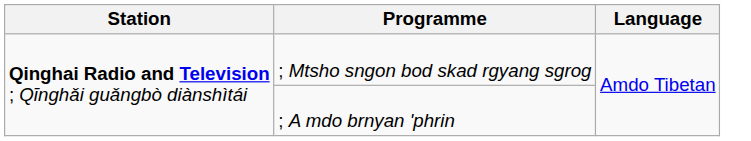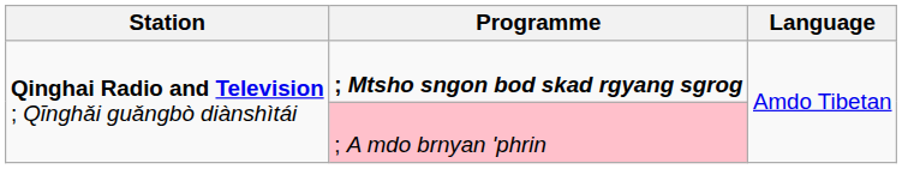 <table border="1" class="wikitable">
 <tr>
 <th>Station</th>
 <th>Programme</th>
 <th>Language</th>
 </tr>
 <tr>
 <td rowspan="2"><strong>Qinghai Radio and <a href='#'>Television</a></strong><br> ; <em>Qīnghǎi guǎngbò diànshìtái</em></td>
-<td><br> ; <em>Mtsho sngon bod skad rgyang sgrog</em></td>
+<td><strong><br> ; <em>Mtsho sngon bod skad rgyang sgrog</em></strong></td>
 <td rowspan="2"><a href='#'>Amdo Tibetan</a></td>
 </tr>
 <tr>
-<td><br> ; <em>A mdo brnyan 'phrin</em></td>
+<td style="background: pink;"><br> ; <em>A mdo brnyan 'phrin</em></td>
 </tr>
 </table>
